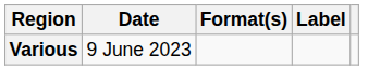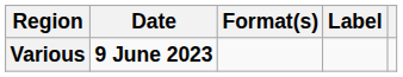 <table class="wikitable plainrowheaders">
 <tr>
 <th scope="col">Region</th>
 <th scope="col">Date</th>
 <th scope="col">Format(s)</th>
 <th scope="col">Label</th>
 <th scope="col"></th>
 </tr>
 <tr>
 <th scope="row">Various</th>
-<td>9 June 2023</td>
+<td><strong>9 June 2023</strong></td>
 <td></td>
 <td></td>
 </tr>
 </table>
